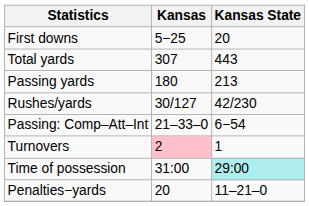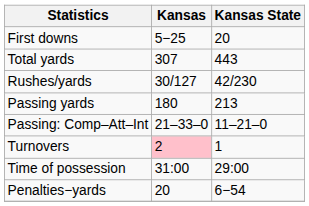 <table class="wikitable" style="float: left;">
 <tr>
 <th>Statistics</th>
 <th>Kansas</th>
 <th>Kansas State</th>
 </tr>
 <tr>
 <td>First downs</td>
 <td>5−25</td>
 <td>20</td>
 </tr>
 <tr>
 <td>Total yards</td>
 <td>307</td>
 <td>443</td>
 </tr>
 <tr>
+<td>Rushes/yards</td>
+<td>30/127</td>
+<td>42/230</td>
+</tr>
+<tr>
 <td>Passing yards</td>
 <td>180</td>
 <td>213</td>
 </tr>
 <tr>
-<td>Rushes/yards</td>
-<td>30/127</td>
-<td>42/230</td>
-</tr>
-<tr>
 <td>Passing: Comp–Att–Int</td>
 <td>21–33–0</td>
-<td>6−54</td>
+<td>11–21–0</td>
 </tr>
 <tr>
 <td>Turnovers</td>
 <td style="background: pink;">2</td>
 <td>1</td>
 </tr>
 <tr>
 <td>Time of possession</td>
 <td>31:00</td>
-<td style="background: paleturquoise;">29:00</td>
+<td>29:00</td>
 </tr>
 <tr>
 <td>Penalties−yards</td>
 <td>20</td>
-<td>11–21–0</td>
+<td>6−54</td>
 </tr>
 <tr>
 </tr>
 </table>
